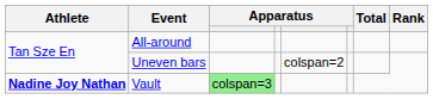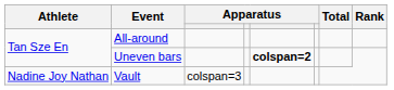 <table class="wikitable" style="font-size:90%">
 <tr>
 <th rowspan=2>Athlete</th>
 <th rowspan=2>Event</th>
 <th colspan=4>Apparatus</th>
 <th rowspan=2>Total</th>
 <th rowspan=2>Rank</th>
 </tr>
 <tr style="font-size:95%">
 <th></th>
 <th></th>
 <th></th>
 <th></th>
 </tr>
 <tr align=center>
 <td align=left rowspan=2><a href='#'>Tan Sze En</a></td>
 <td align=left><a href='#'>All-around</a></td>
 <td></td>
 <td></td>
 <td></td>
 <td></td>
 <td></td>
 <td></td>
 </tr>
 <tr align=center>
 <td align=left><a href='#'>Uneven bars</a></td>
 <td></td>
 <td></td>
-<td>colspan=2 </td>
+<td><strong>colspan=2 </strong></td>
 <td></td>
 <td></td>
 </tr>
 <tr align=center>
-<td align=left><strong><a href='#'>Nadine Joy Nathan</a></strong></td>
+<td align=left><a href='#'>Nadine Joy Nathan</a></td>
 <td align=left><a href='#'>Vault</a></td>
-<td style="background: lightgreen;">colspan=3 </td>
+<td>colspan=3 </td>
 <td></td>
 <td></td>
 <td></td>
 </tr>
 </table>
